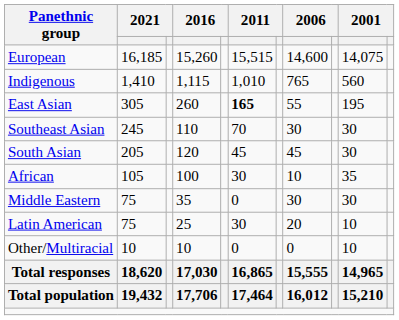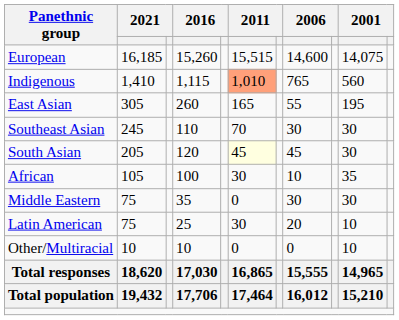 <table class="wikitable collapsible sortable">
 <tr>
 <th rowspan="2"><a href='#'>Panethnic</a><br>group</th>
 <th colspan="2">2021</th>
 <th colspan="2">2016</th>
 <th colspan="2">2011</th>
 <th colspan="2">2006</th>
 <th colspan="2">2001</th>
 </tr>
 <tr>
 <th><a href='#'></a></th>
 <th></th>
 <th></th>
 <th></th>
 <th></th>
 <th></th>
 <th></th>
 <th></th>
 <th></th>
 <th></th>
 </tr>
 <tr>
 <td><a href='#'>European</a></td>
 <td>16,185</td>
 <td></td>
 <td>15,260</td>
 <td></td>
 <td>15,515</td>
 <td></td>
 <td>14,600</td>
 <td></td>
 <td>14,075</td>
 <td></td>
 </tr>
 <tr>
 <td><a href='#'>Indigenous</a></td>
 <td>1,410</td>
 <td></td>
 <td>1,115</td>
 <td></td>
-<td>1,010</td>
+<td style="background: lightsalmon;">1,010</td>
 <td></td>
 <td>765</td>
 <td></td>
 <td>560</td>
 <td></td>
 </tr>
 <tr>
 <td><a href='#'>East Asian</a></td>
 <td>305</td>
 <td></td>
 <td>260</td>
 <td></td>
-<td><strong>165</strong></td>
+<td>165</td>
 <td></td>
 <td>55</td>
 <td></td>
 <td>195</td>
 <td></td>
 </tr>
 <tr>
 <td><a href='#'>Southeast Asian</a></td>
 <td>245</td>
 <td></td>
 <td>110</td>
 <td></td>
 <td>70</td>
 <td></td>
 <td>30</td>
 <td></td>
 <td>30</td>
 <td></td>
 </tr>
 <tr>
 <td><a href='#'>South Asian</a></td>
 <td>205</td>
 <td></td>
 <td>120</td>
 <td></td>
-<td>45</td>
+<td style="background: lightyellow;">45</td>
 <td></td>
 <td>45</td>
 <td></td>
 <td>30</td>
 <td></td>
 </tr>
 <tr>
 <td><a href='#'>African</a></td>
 <td>105</td>
 <td></td>
 <td>100</td>
 <td></td>
 <td>30</td>
 <td></td>
 <td>10</td>
 <td></td>
 <td>35</td>
 <td></td>
 </tr>
 <tr>
 <td><a href='#'>Middle Eastern</a></td>
 <td>75</td>
 <td></td>
 <td>35</td>
 <td></td>
 <td>0</td>
 <td></td>
 <td>30</td>
 <td></td>
 <td>30</td>
 <td></td>
 </tr>
 <tr>
 <td><a href='#'>Latin American</a></td>
 <td>75</td>
 <td></td>
 <td>25</td>
 <td></td>
 <td>30</td>
 <td></td>
 <td>20</td>
 <td></td>
 <td>10</td>
 <td></td>
 </tr>
 <tr>
 <td>Other/<a href='#'>Multiracial</a></td>
 <td>10</td>
 <td></td>
 <td>10</td>
 <td></td>
 <td>0</td>
 <td></td>
 <td>0</td>
 <td></td>
 <td>10</td>
 <td></td>
 </tr>
 <tr>
 <th>Total responses</th>
 <th>18,620</th>
 <th></th>
 <th>17,030</th>
 <th></th>
 <th>16,865</th>
 <th></th>
 <th>15,555</th>
 <th></th>
 <th>14,965</th>
 <th></th>
 </tr>
 <tr>
 <th>Total population</th>
 <th>19,432</th>
 <th></th>
 <th>17,706</th>
 <th></th>
 <th>17,464</th>
 <th></th>
 <th>16,012</th>
 <th></th>
 <th>15,210</th>
 <th></th>
 </tr>
 <tr class="sortbottom">
 <td colspan="15"></td>
 </tr>
 </table>
